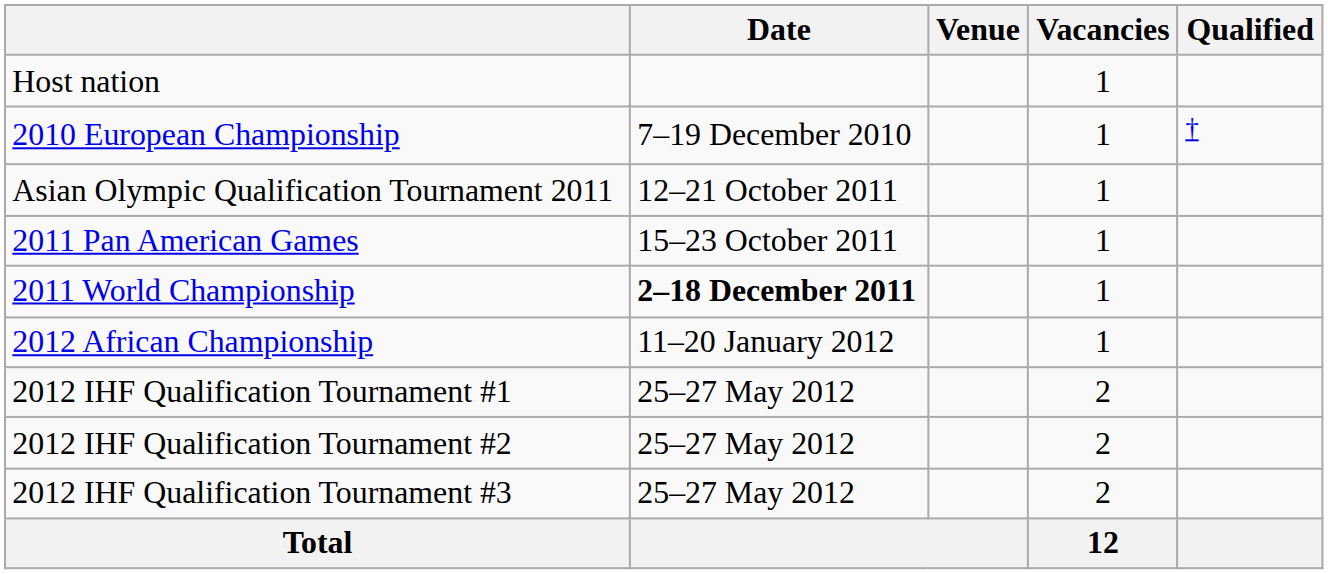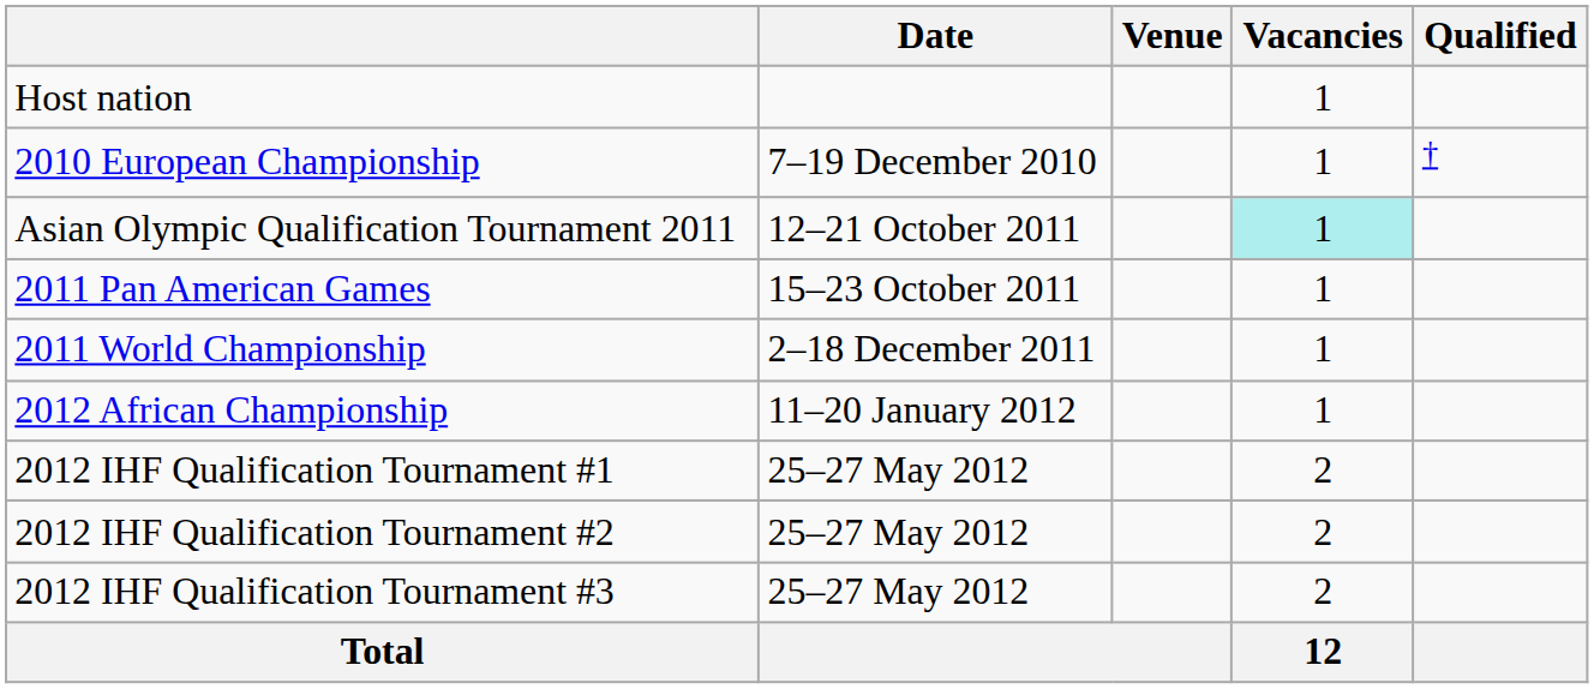 <table class="wikitable" width=75%>
 <tr>
 <th></th>
 <th>Date</th>
 <th>Venue</th>
 <th>Vacancies</th>
 <th>Qualified</th>
 </tr>
 <tr>
 <td>Host nation</td>
 <td></td>
 <td></td>
 <td align="center">1</td>
 <td></td>
 </tr>
 <tr>
 <td><a href='#'>2010 European Championship</a></td>
 <td>7–19 December 2010</td>
 <td><br></td>
 <td align="center">1</td>
 <td><sup><a href='#'>†</a></sup></td>
 </tr>
 <tr>
 <td>Asian Olympic Qualification Tournament 2011</td>
 <td>12–21 October 2011</td>
 <td></td>
-<td align="center">1</td>
+<td align="center" style="background: paleturquoise;">1</td>
 <td></td>
 </tr>
 <tr>
 <td><a href='#'>2011 Pan American Games</a></td>
 <td>15–23 October 2011</td>
 <td></td>
 <td align="center">1</td>
 <td></td>
 </tr>
 <tr>
 <td><a href='#'>2011 World Championship</a></td>
-<td><strong>2–18 December 2011</strong></td>
+<td>2–18 December 2011</td>
 <td></td>
 <td align="center">1</td>
 <td></td>
 </tr>
 <tr>
 <td><a href='#'>2012 African Championship</a></td>
 <td>11–20 January 2012</td>
 <td></td>
 <td align="center">1</td>
 <td></td>
 </tr>
 <tr>
 <td>2012 IHF Qualification Tournament #1</td>
 <td>25–27 May 2012</td>
 <td></td>
 <td align="center">2</td>
 <td><br></td>
 </tr>
 <tr>
 <td>2012 IHF Qualification Tournament #2</td>
 <td>25–27 May 2012</td>
 <td></td>
 <td align="center">2</td>
 <td><br></td>
 </tr>
 <tr>
 <td>2012 IHF Qualification Tournament #3</td>
 <td>25–27 May 2012</td>
 <td></td>
 <td align="center">2</td>
 <td><br></td>
 </tr>
 <tr>
 <th>Total</th>
 <th colspan="2"></th>
 <th>12</th>
 <th></th>
 </tr>
 </table>
